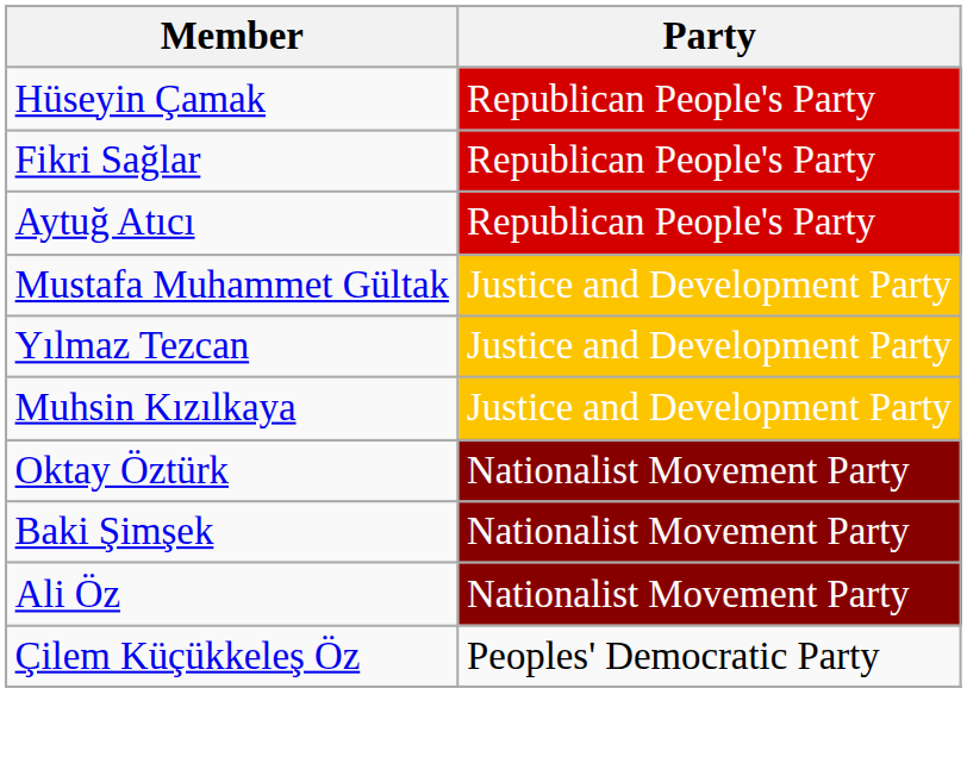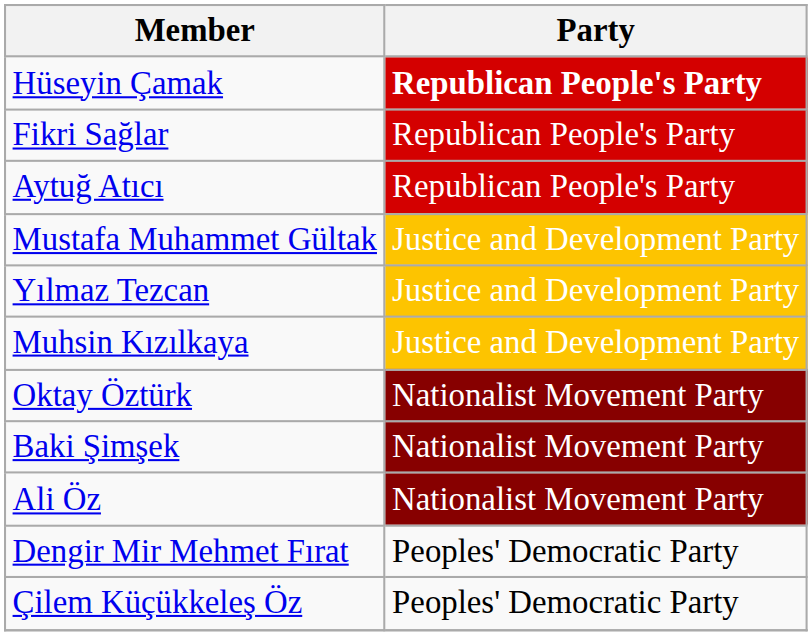 <table class="wikitable">
 <tr>
 <th>Member</th>
 <th>Party</th>
 </tr>
 <tr>
 <td><a href='#'>Hüseyin Çamak</a></td>
-<td style="background:#D40000; color:white">Republican People's Party</td>
+<td style="background:#D40000; color:white"><strong>Republican People's Party</strong></td>
 </tr>
 <tr>
 <td><a href='#'>Fikri Sağlar</a></td>
 <td style="background:#D40000; color:white">Republican People's Party</td>
 </tr>
 <tr>
 <td><a href='#'>Aytuğ Atıcı</a></td>
 <td style="background:#D40000; color:white">Republican People's Party</td>
 </tr>
 <tr>
 <td><a href='#'>Mustafa Muhammet Gültak</a></td>
 <td style="background:#FDC400; color:white">Justice and Development Party</td>
 </tr>
 <tr>
 <td><a href='#'>Yılmaz Tezcan</a></td>
 <td style="background:#FDC400; color:white">Justice and Development Party</td>
 </tr>
 <tr>
 <td><a href='#'>Muhsin Kızılkaya</a></td>
 <td style="background:#FDC400; color:white">Justice and Development Party</td>
 </tr>
 <tr>
 <td><a href='#'>Oktay Öztürk</a></td>
 <td style="background:#870000; color:white">Nationalist Movement Party</td>
 </tr>
 <tr>
 <td><a href='#'>Baki Şimşek</a></td>
 <td style="background:#870000; color:white">Nationalist Movement Party</td>
 </tr>
 <tr>
 <td><a href='#'>Ali Öz</a></td>
 <td style="background:#870000; color:white">Nationalist Movement Party</td>
 </tr>
 <tr>
+<td><a href='#'>Dengir Mir Mehmet Fırat</a></td>
+<td style="background:">Peoples' Democratic Party</td>
+</tr>
+<tr>
 <td><a href='#'>Çilem Küçükkeleş Öz</a></td>
 <td style="background:">Peoples' Democratic Party</td>
 </tr>
 <tr>
 </tr>
 </table>
